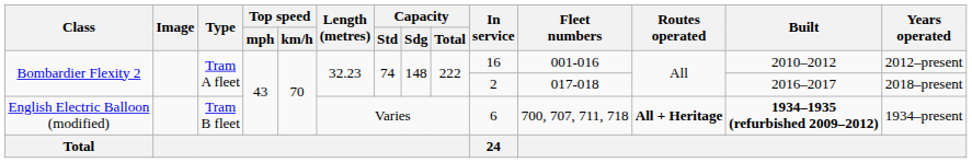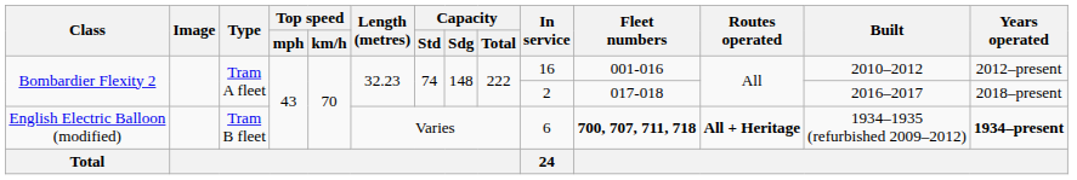 <table class="wikitable" style="text-align:center;">
 <tr>
 <th rowspan="2">Class</th>
 <th rowspan="2">Image</th>
 <th rowspan="2">Type</th>
 <th colspan="2">Top speed</th>
 <th rowspan="2">Length<br>(metres)</th>
 <th colspan="3">Capacity</th>
 <th rowspan="2">In<br>service</th>
 <th rowspan="2">Fleet<br>numbers</th>
 <th rowspan="2">Routes<br>operated</th>
 <th rowspan="2">Built</th>
 <th rowspan="2">Years<br>operated</th>
 </tr>
 <tr>
 <th>mph</th>
 <th>km/h</th>
 <th><abbr>Std</abbr></th>
 <th><abbr>Sdg</abbr></th>
 <th>Total</th>
 </tr>
 <tr>
 <td rowspan="2"><a href='#'>Bombardier Flexity 2</a></td>
 <td rowspan="2"></td>
 <td rowspan="2"><a href='#'>Tram</a><br>A fleet</td>
 <td rowspan="3">43</td>
 <td rowspan="3">70</td>
 <td rowspan="2">32.23</td>
 <td rowspan="2">74</td>
 <td rowspan="2">148</td>
 <td rowspan="2">222</td>
 <td>16</td>
 <td>001-016</td>
 <td rowspan="2">All</td>
 <td>2010–2012</td>
 <td>2012–present</td>
 </tr>
 <tr>
 <td>2</td>
 <td>017-018</td>
 <td>2016–2017</td>
 <td>2018–present</td>
 </tr>
 <tr>
 <td><a href='#'>English Electric Balloon</a><br>(modified)</td>
 <td></td>
 <td><a href='#'>Tram</a><br>B fleet</td>
 <td colspan="4">Varies</td>
 <td>6</td>
-<td>700, 707, 711, 718</td>
+<td><strong>700, 707, 711, 718</strong></td>
 <td><strong>All + Heritage</strong></td>
-<td><strong>1934–1935<br>(refurbished 2009–2012)</strong></td>
-<td>1934–present</td>
+<td>1934–1935<br>(refurbished 2009–2012)</td>
+<td><strong>1934–present</strong></td>
 </tr>
 <tr>
 <th>Total</th>
 <th colspan="8"></th>
 <th>24</th>
 <th colspan="4"></th>
 </tr>
 </table>
